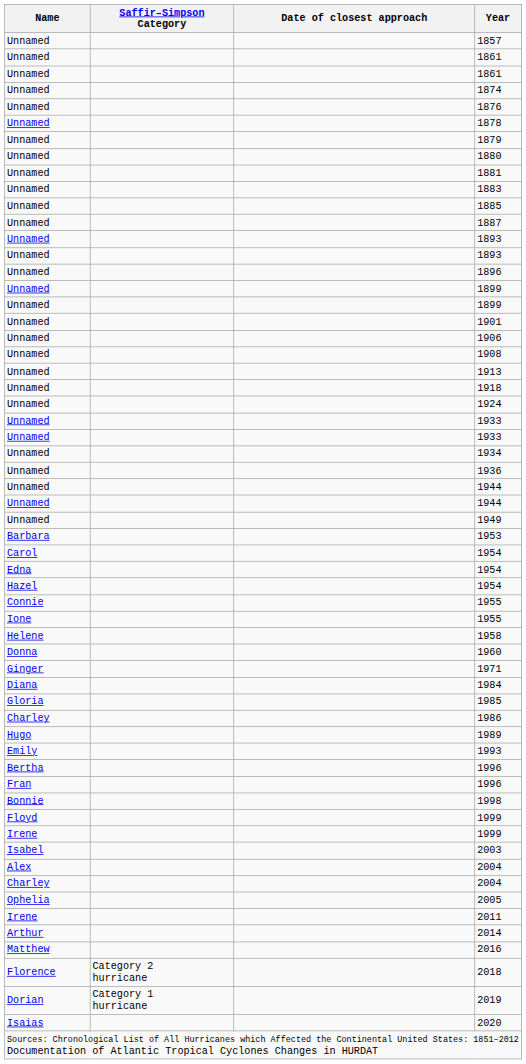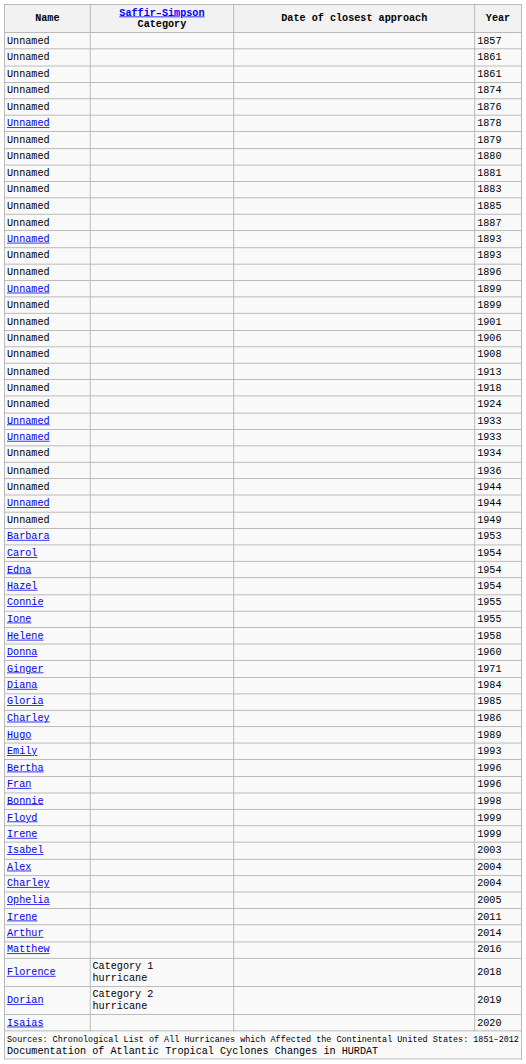 <table class = "wikitable" style="margin:1em auto;">
 <tr>
 <th>Name</th>
 <th><a href='#'>Saffir–Simpson</a><br>Category</th>
 <th>Date of closest approach</th>
 <th>Year</th>
 </tr>
 <tr>
 <td>Unnamed</td>
 <td></td>
 <td></td>
 <td>1857</td>
 </tr>
 <tr>
 <td>Unnamed</td>
 <td></td>
 <td></td>
 <td>1861</td>
 </tr>
 <tr>
 <td>Unnamed</td>
 <td></td>
 <td></td>
 <td>1861</td>
 </tr>
 <tr>
 <td>Unnamed</td>
 <td></td>
 <td></td>
 <td>1874</td>
 </tr>
 <tr>
 <td>Unnamed</td>
 <td></td>
 <td></td>
 <td>1876</td>
 </tr>
 <tr>
 <td><a href='#'>Unnamed</a></td>
 <td></td>
 <td></td>
 <td>1878</td>
 </tr>
 <tr>
 <td>Unnamed</td>
 <td></td>
 <td></td>
 <td>1879</td>
 </tr>
 <tr>
 <td>Unnamed</td>
 <td></td>
 <td></td>
 <td>1880</td>
 </tr>
 <tr>
 <td>Unnamed</td>
 <td></td>
 <td></td>
 <td>1881</td>
 </tr>
 <tr>
 <td>Unnamed</td>
 <td></td>
 <td></td>
 <td>1883</td>
 </tr>
 <tr>
 <td>Unnamed</td>
 <td></td>
 <td></td>
 <td>1885</td>
 </tr>
 <tr>
 <td>Unnamed</td>
 <td></td>
 <td></td>
 <td>1887</td>
 </tr>
 <tr>
 <td><a href='#'>Unnamed</a></td>
 <td></td>
 <td></td>
 <td>1893</td>
 </tr>
 <tr>
 <td>Unnamed</td>
 <td></td>
 <td></td>
 <td>1893</td>
 </tr>
 <tr>
 <td>Unnamed</td>
 <td></td>
 <td></td>
 <td>1896</td>
 </tr>
 <tr>
 <td><a href='#'>Unnamed</a></td>
 <td></td>
 <td></td>
 <td>1899</td>
 </tr>
 <tr>
 <td>Unnamed</td>
 <td></td>
 <td></td>
 <td>1899</td>
 </tr>
 <tr>
 <td>Unnamed</td>
 <td></td>
 <td></td>
 <td>1901</td>
 </tr>
 <tr>
 <td>Unnamed</td>
 <td></td>
 <td></td>
 <td>1906</td>
 </tr>
 <tr>
 <td>Unnamed</td>
 <td></td>
 <td></td>
 <td>1908</td>
 </tr>
 <tr>
 <td>Unnamed</td>
 <td></td>
 <td></td>
 <td>1913</td>
 </tr>
 <tr>
 <td>Unnamed</td>
 <td></td>
 <td></td>
 <td>1918</td>
 </tr>
 <tr>
 <td>Unnamed</td>
 <td></td>
 <td></td>
 <td>1924</td>
 </tr>
 <tr>
 <td><a href='#'>Unnamed</a></td>
 <td></td>
 <td></td>
 <td>1933</td>
 </tr>
 <tr>
 <td><a href='#'>Unnamed</a></td>
 <td></td>
 <td></td>
 <td>1933</td>
 </tr>
 <tr>
 <td>Unnamed</td>
 <td></td>
 <td></td>
 <td>1934</td>
 </tr>
 <tr>
 <td>Unnamed</td>
 <td></td>
 <td></td>
 <td>1936</td>
 </tr>
 <tr>
 <td>Unnamed</td>
 <td></td>
 <td></td>
 <td>1944</td>
 </tr>
 <tr>
 <td><a href='#'>Unnamed</a></td>
 <td></td>
 <td></td>
 <td>1944</td>
 </tr>
 <tr>
 <td>Unnamed</td>
 <td></td>
 <td></td>
 <td>1949</td>
 </tr>
 <tr>
 <td><a href='#'>Barbara</a></td>
 <td></td>
 <td></td>
 <td>1953</td>
 </tr>
 <tr>
 <td><a href='#'>Carol</a></td>
 <td></td>
 <td></td>
 <td>1954</td>
 </tr>
 <tr>
 <td><a href='#'>Edna</a></td>
 <td></td>
 <td></td>
 <td>1954</td>
 </tr>
 <tr>
 <td><a href='#'>Hazel</a></td>
 <td></td>
 <td></td>
 <td>1954</td>
 </tr>
 <tr>
 <td><a href='#'>Connie</a></td>
 <td></td>
 <td></td>
 <td>1955</td>
 </tr>
 <tr>
 <td><a href='#'>Ione</a></td>
 <td></td>
 <td></td>
 <td>1955</td>
 </tr>
 <tr>
 <td><a href='#'>Helene</a></td>
 <td></td>
 <td></td>
 <td>1958</td>
 </tr>
 <tr>
 <td><a href='#'>Donna</a></td>
 <td></td>
 <td></td>
 <td>1960</td>
 </tr>
 <tr>
 <td><a href='#'>Ginger</a></td>
 <td></td>
 <td></td>
 <td>1971</td>
 </tr>
 <tr>
 <td><a href='#'>Diana</a></td>
 <td></td>
 <td></td>
 <td>1984</td>
 </tr>
 <tr>
 <td><a href='#'>Gloria</a></td>
 <td></td>
 <td></td>
 <td>1985</td>
 </tr>
 <tr>
 <td><a href='#'>Charley</a></td>
 <td></td>
 <td></td>
 <td>1986</td>
 </tr>
 <tr>
 <td><a href='#'>Hugo</a></td>
 <td></td>
 <td></td>
 <td>1989</td>
 </tr>
 <tr>
 <td><a href='#'>Emily</a></td>
 <td></td>
 <td></td>
 <td>1993</td>
 </tr>
 <tr>
 <td><a href='#'>Bertha</a></td>
 <td></td>
 <td></td>
 <td>1996</td>
 </tr>
 <tr>
 <td><a href='#'>Fran</a></td>
 <td></td>
 <td></td>
 <td>1996</td>
 </tr>
 <tr>
 <td><a href='#'>Bonnie</a></td>
 <td></td>
 <td></td>
 <td>1998</td>
 </tr>
 <tr>
 <td><a href='#'>Floyd</a></td>
 <td></td>
 <td></td>
 <td>1999</td>
 </tr>
 <tr>
 <td><a href='#'>Irene</a></td>
 <td></td>
 <td></td>
 <td>1999</td>
 </tr>
 <tr>
 <td><a href='#'>Isabel</a></td>
 <td></td>
 <td></td>
 <td>2003</td>
 </tr>
 <tr>
 <td><a href='#'>Alex</a></td>
 <td></td>
 <td></td>
 <td>2004</td>
 </tr>
 <tr>
 <td><a href='#'>Charley</a></td>
 <td></td>
 <td></td>
 <td>2004</td>
 </tr>
 <tr>
 <td><a href='#'>Ophelia</a></td>
 <td></td>
 <td></td>
 <td>2005</td>
 </tr>
 <tr>
 <td><a href='#'>Irene</a></td>
 <td></td>
 <td></td>
 <td>2011</td>
 </tr>
 <tr>
 <td><a href='#'>Arthur</a></td>
 <td></td>
 <td></td>
 <td>2014</td>
 </tr>
 <tr>
 <td><a href='#'>Matthew</a></td>
 <td></td>
 <td></td>
 <td>2016</td>
 </tr>
 <tr>
 <td><a href='#'>Florence</a></td>
-<td><div>Category 2<br>hurricane</div></td>
+<td><div>Category 1<br>hurricane</div></td>
 <td></td>
 <td>2018</td>
 </tr>
 <tr>
 <td><a href='#'>Dorian</a></td>
-<td><div>Category 1<br>hurricane</div></td>
+<td><div>Category 2<br>hurricane</div></td>
 <td></td>
 <td>2019</td>
 </tr>
 <tr>
 <td><a href='#'>Isaias</a></td>
 <td></td>
 <td></td>
 <td>2020</td>
 </tr>
 <tr>
 <td colspan="9"><small>Sources: Chronological List of All Hurricanes which Affected the Continental United States: 1851–2012</small><br> Documentation of Atlantic Tropical Cyclones Changes in HURDAT</td>
 </tr>
 </table>
